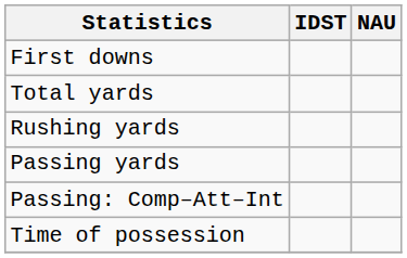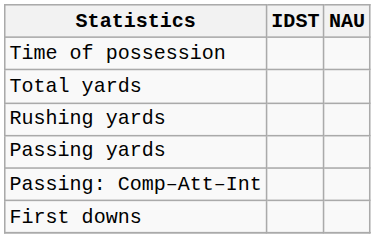 <table class="wikitable" style="float: left;">
 <tr>
 <th>Statistics</th>
 <th>IDST</th>
 <th>NAU</th>
 </tr>
 <tr>
-<td>First downs</td>
+<td>Time of possession</td>
 <td></td>
 <td></td>
 </tr>
 <tr>
 <td>Total yards</td>
 <td></td>
 <td></td>
 </tr>
 <tr>
 <td>Rushing yards</td>
 <td></td>
 <td></td>
 </tr>
 <tr>
 <td>Passing yards</td>
 <td></td>
 <td></td>
 </tr>
 <tr>
 <td>Passing: Comp–Att–Int</td>
 <td></td>
 <td></td>
 </tr>
 <tr>
-<td>Time of possession</td>
+<td>First downs</td>
 <td></td>
 <td></td>
 </tr>
 <tr>
 </tr>
 </table>
